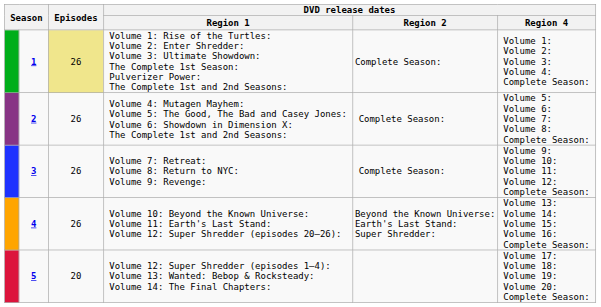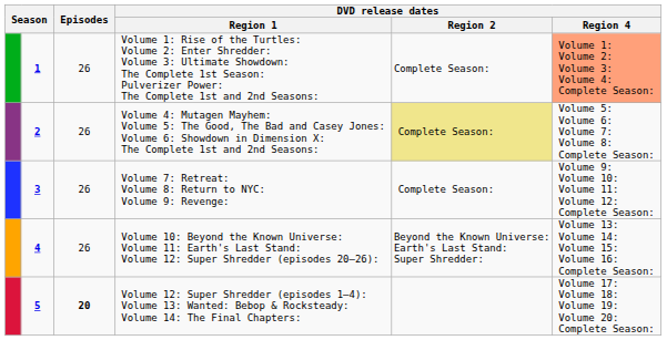 <table class="wikitable">
 <tr>
 <th scope="col" style="padding:0 8px;" colspan="2" rowspan="2">Season</th>
 <th scope="col" style="padding:0 8px;" rowspan="2">Episodes</th>
 <th scope="col" style="padding:0 8px;" colspan="3">DVD release dates</th>
 </tr>
 <tr>
 <th>Region 1</th>
 <th>Region 2</th>
 <th>Region 4</th>
 </tr>
 <tr>
 <td style="width:15px; background:#00ae1a;"></td>
 <td style="text-align:center;"><strong><a href='#'>1</a></strong></td>
-<td style="background: khaki; text-align:center;">26</td>
+<td style="text-align:center;">26</td>
 <td style="padding: 0 8px;">Volume 1: Rise of the Turtles: <br>Volume 2: Enter Shredder: <br>Volume 3: Ultimate Showdown: <br>The Complete 1st Season: <br> Pulverizer Power: <br> The Complete 1st and 2nd Seasons: </td>
 <td>Complete Season: </td>
-<td style="padding: 0 8px;">Volume 1: <br>Volume 2: <br>Volume 3: <br>Volume 4: <br>Complete Season: </td>
+<td style="background: lightsalmon; padding: 0 8px;">Volume 1: <br>Volume 2: <br>Volume 3: <br>Volume 4: <br>Complete Season: </td>
 </tr>
 <tr>
 <td style="width:15px; background:#883485;"></td>
 <td style="text-align:center;"><strong><a href='#'>2</a></strong></td>
 <td style="text-align:center;">26</td>
 <td style="padding: 0 8px;">Volume 4: Mutagen Mayhem: <br>Volume 5: The Good, The Bad and Casey Jones: <br>Volume 6: Showdown in Dimension X: <br>The Complete 1st and 2nd Seasons: </td>
-<td style="padding: 0 8px;">Complete Season: </td>
+<td style="background: khaki; padding: 0 8px;">Complete Season: </td>
 <td style="padding: 0 8px;">Volume 5: <br>Volume 6: <br>Volume 7: <br>Volume 8: <br>Complete Season: </td>
 </tr>
 <tr>
 <td style="width:15px; background:#1e32ff;"></td>
 <td style="text-align:center;"><strong><a href='#'>3</a></strong></td>
 <td style="text-align:center;">26</td>
 <td style="padding: 0 8px;">Volume 7: Retreat: <br> Volume 8: Return to NYC: <br> Volume 9: Revenge: </td>
 <td style="padding: 0 8px;">Complete Season: </td>
 <td style="padding: 0 8px;">Volume 9: <br>Volume 10: <br>Volume 11: <br>Volume 12: <br>Complete Season: </td>
 </tr>
 <tr>
 <td style="width:15px; background:#ffa500;"></td>
 <td style="text-align:center;"><strong><a href='#'>4</a></strong></td>
 <td style="text-align:center;">26</td>
 <td style="padding: 0 8px;">Volume 10: Beyond the Known Universe: <br>  Volume 11: Earth's Last Stand: <br>Volume 12: Super Shredder (episodes 20–26): </td>
 <td>Beyond the Known Universe: <br>Earth's Last Stand: <br>Super Shredder: </td>
 <td style="padding: 0 8px;">Volume 13: <br>Volume 14: <br>Volume 15: <br>Volume 16: <br>Complete Season: </td>
 </tr>
 <tr>
 <td style="width:15px; background:#dc143c;"></td>
 <td style="text-align:center;"><strong><a href='#'>5</a></strong></td>
-<td style="text-align:center;">20</td>
+<td style="text-align:center;"><strong>20</strong></td>
 <td style="padding: 0 8px;">Volume 12: Super Shredder (episodes 1–4): <br> Volume 13: Wanted: Bebop & Rocksteady: <br>Volume 14: The Final Chapters: </td>
 <td></td>
 <td style="padding: 0 8px;">Volume 17: <br>Volume 18: <br>Volume 19: <br>Volume 20: <br>Complete Season: </td>
 </tr>
 </table>
